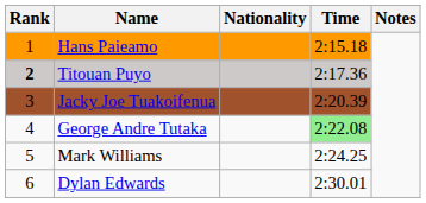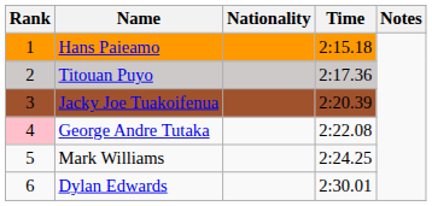 <table class="wikitable sortable" style="text-align:center">
 <tr>
 <th>Rank</th>
 <th>Name</th>
 <th>Nationality</th>
 <th>Time</th>
 <th>Notes</th>
 </tr>
 <tr bgcolor=FF9900>
 <td>1</td>
 <td align=left><a href='#'>Hans Paieamo</a></td>
 <td align=left></td>
 <td>2:15.18</td>
 </tr>
 <tr bgcolor=CDC9C9>
-<td><strong>2</strong></td>
+<td>2</td>
 <td align=left><a href='#'>Titouan Puyo</a></td>
 <td align=left></td>
 <td>2:17.36</td>
 </tr>
 <tr bgcolor=A0522D>
 <td>3</td>
 <td align=left><a href='#'>Jacky Joe Tuakoifenua</a></td>
 <td align=left></td>
 <td>2:20.39</td>
 </tr>
 <tr>
-<td>4</td>
+<td style="background: pink;">4</td>
 <td align=left><a href='#'>George Andre Tutaka</a></td>
 <td align=left></td>
-<td style="background: lightgreen;">2:22.08</td>
+<td>2:22.08</td>
 </tr>
 <tr>
 <td>5</td>
 <td align=left>Mark Williams</td>
 <td align=left></td>
 <td>2:24.25</td>
 </tr>
 <tr>
 <td>6</td>
 <td align=left><a href='#'>Dylan Edwards</a></td>
 <td align=left></td>
 <td>2:30.01</td>
 </tr>
 </table>
